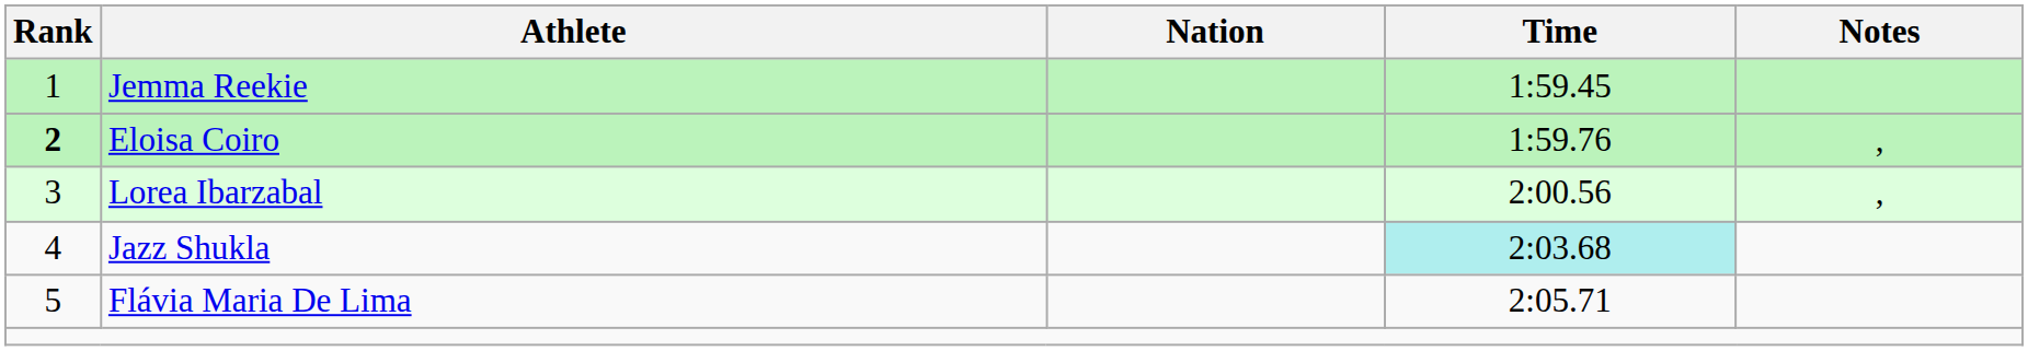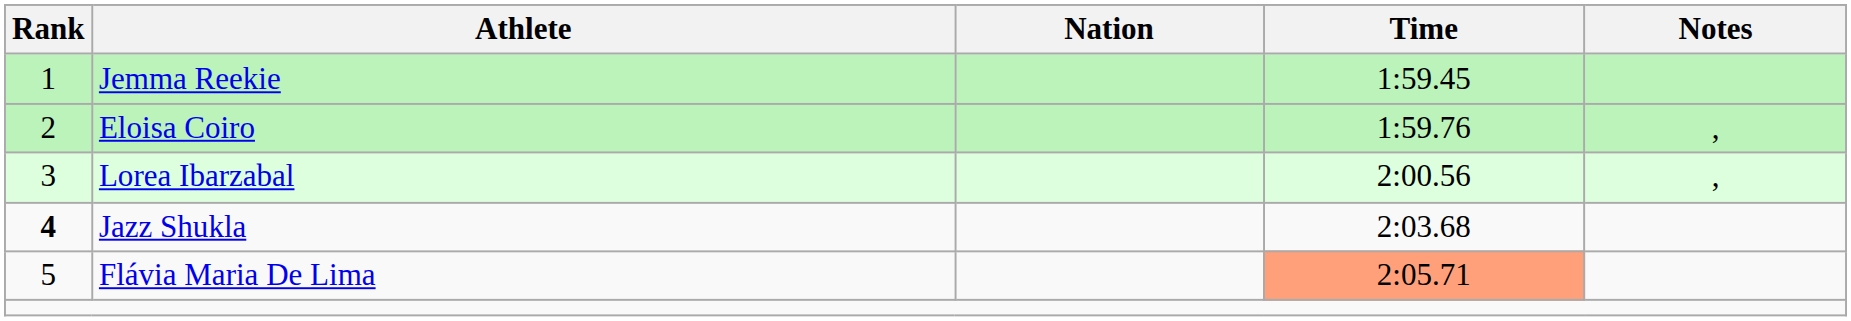 <table class="wikitable sortable" style="text-align:center;width: 60%;">
 <tr>
 <th scope="col" style="width: 10px;">Rank</th>
 <th scope="col">Athlete</th>
 <th scope="col">Nation</th>
 <th scope="col">Time</th>
 <th scope="col">Notes</th>
 </tr>
 <tr bgcolor=bbf3bb>
 <td>1</td>
 <td align=left><a href='#'>Jemma Reekie</a></td>
 <td align=left></td>
 <td>1:59.45</td>
 <td></td>
 </tr>
 <tr bgcolor=bbf3bb>
-<td><strong>2</strong></td>
+<td>2</td>
 <td align=left><a href='#'>Eloisa Coiro</a></td>
 <td align=left></td>
 <td>1:59.76</td>
 <td>, </td>
 </tr>
 <tr bgcolor=ddffdd>
 <td>3</td>
 <td align=left><a href='#'>Lorea Ibarzabal</a></td>
 <td align=left></td>
 <td>2:00.56</td>
 <td>, </td>
 </tr>
 <tr>
-<td>4</td>
+<td><strong>4</strong></td>
 <td align=left><a href='#'>Jazz Shukla</a></td>
 <td align=left></td>
-<td style="background: paleturquoise;">2:03.68</td>
+<td>2:03.68</td>
 <td></td>
 </tr>
 <tr>
 <td>5</td>
 <td align=left><a href='#'>Flávia Maria De Lima</a></td>
 <td align=left></td>
-<td>2:05.71</td>
+<td style="background: lightsalmon;">2:05.71</td>
 <td></td>
 </tr>
 <tr class="sortbottom">
 <td colspan="5"></td>
 </tr>
 </table>
